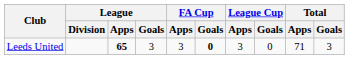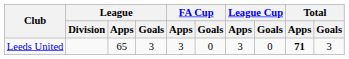 <table class="wikitable" style="text-align:center">
 <tr>
 <th rowspan="2">Club</th>
 <th colspan="3">League</th>
 <th colspan="2"><a href='#'>FA Cup</a></th>
 <th colspan="2"><a href='#'>League Cup</a></th>
 <th colspan="2">Total</th>
 </tr>
 <tr>
 <th>Division</th>
 <th>Apps</th>
 <th>Goals</th>
 <th>Apps</th>
 <th>Goals</th>
 <th>Apps</th>
 <th>Goals</th>
 <th>Apps</th>
 <th>Goals</th>
 </tr>
 <tr>
 <td><a href='#'>Leeds United</a></td>
 <td></td>
-<td><strong>65</strong></td>
+<td>65</td>
 <td>3</td>
 <td>3</td>
-<td><strong>0</strong></td>
+<td>0</td>
 <td>3</td>
 <td>0</td>
-<td>71</td>
+<td><strong>71</strong></td>
 <td>3</td>
 </tr>
 </table>
